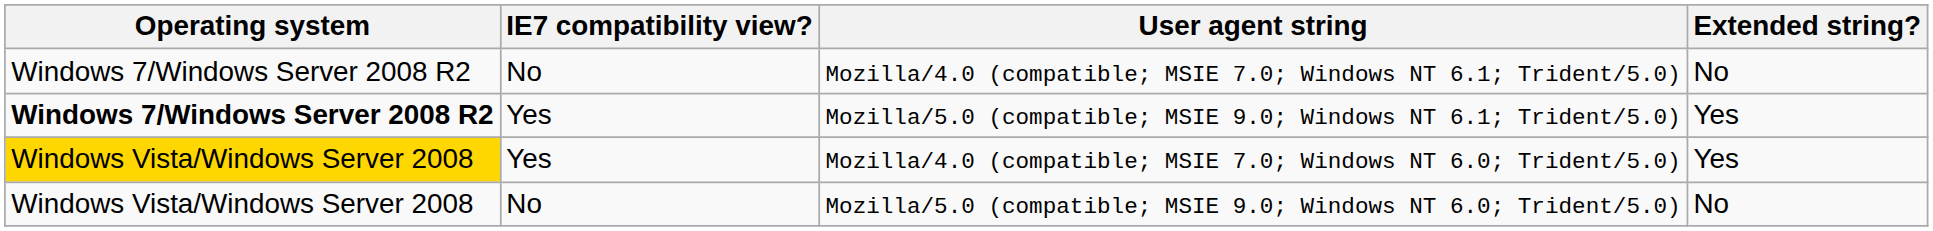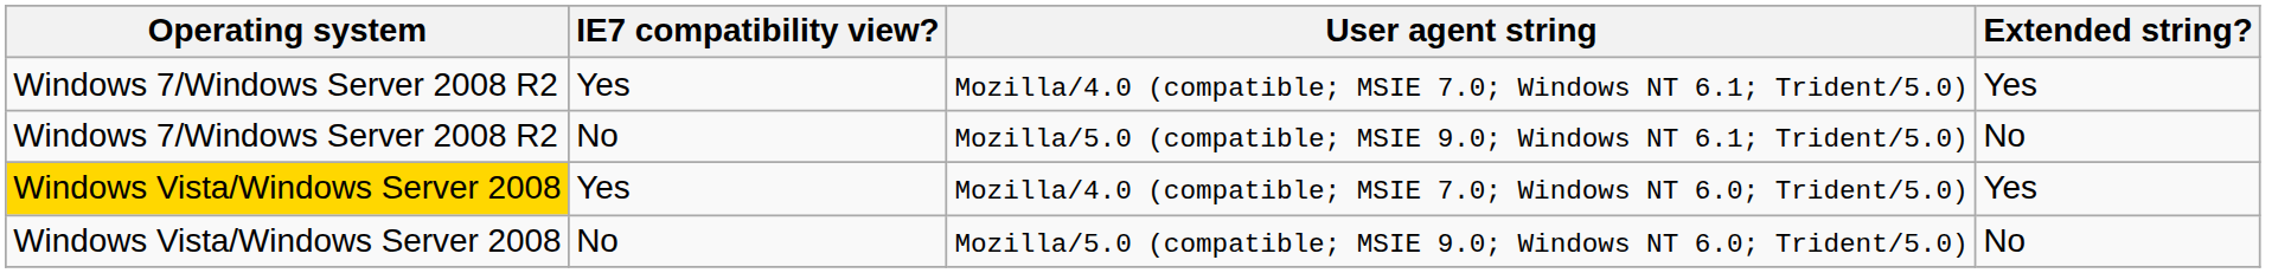 <table class="wikitable sortable">
 <tr>
 <th>Operating system</th>
 <th>IE7 compatibility view?</th>
 <th class="unsortable">User agent string</th>
 <th>Extended string?</th>
 </tr>
 <tr>
 <td>Windows 7/Windows Server 2008 R2</td>
-<td>No</td>
+<td>Yes</td>
 <td><code>Mozilla/4.0 (compatible; MSIE 7.0; Windows NT 6.1; Trident/5.0)</code></td>
-<td>No</td>
+<td>Yes</td>
 </tr>
 <tr>
-<td><strong>Windows 7/Windows Server 2008 R2</strong></td>
-<td>Yes</td>
+<td>Windows 7/Windows Server 2008 R2</td>
+<td>No</td>
 <td><code>Mozilla/5.0 (compatible; MSIE 9.0; Windows NT 6.1; Trident/5.0)</code></td>
-<td>Yes</td>
+<td>No</td>
 </tr>
 <tr>
 <td style="background: gold;">Windows Vista/Windows Server 2008</td>
 <td>Yes</td>
 <td><code>Mozilla/4.0 (compatible; MSIE 7.0; Windows NT 6.0; Trident/5.0)</code></td>
 <td>Yes</td>
 </tr>
 <tr>
 <td>Windows Vista/Windows Server 2008</td>
 <td>No</td>
 <td><code>Mozilla/5.0 (compatible; MSIE 9.0; Windows NT 6.0; Trident/5.0)</code></td>
 <td>No</td>
 </tr>
 </table>
